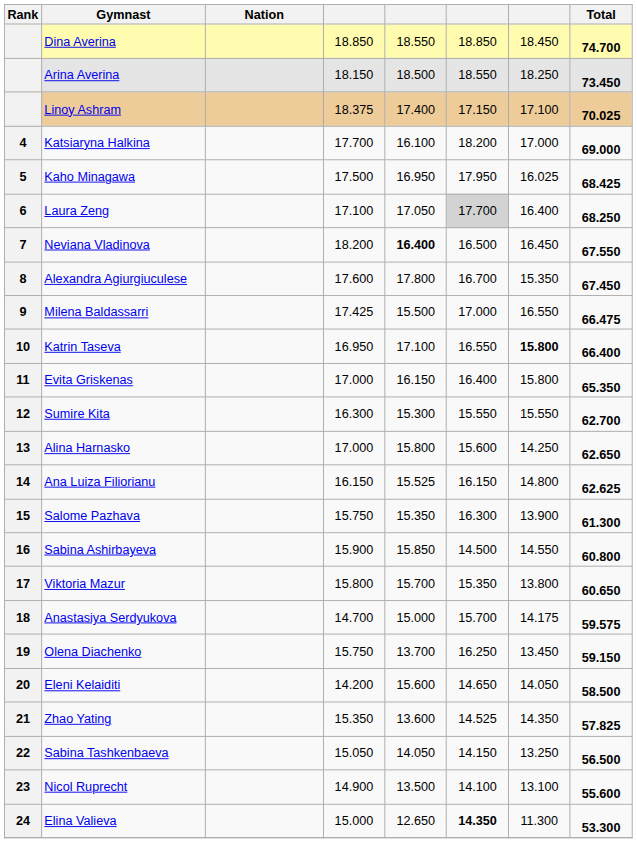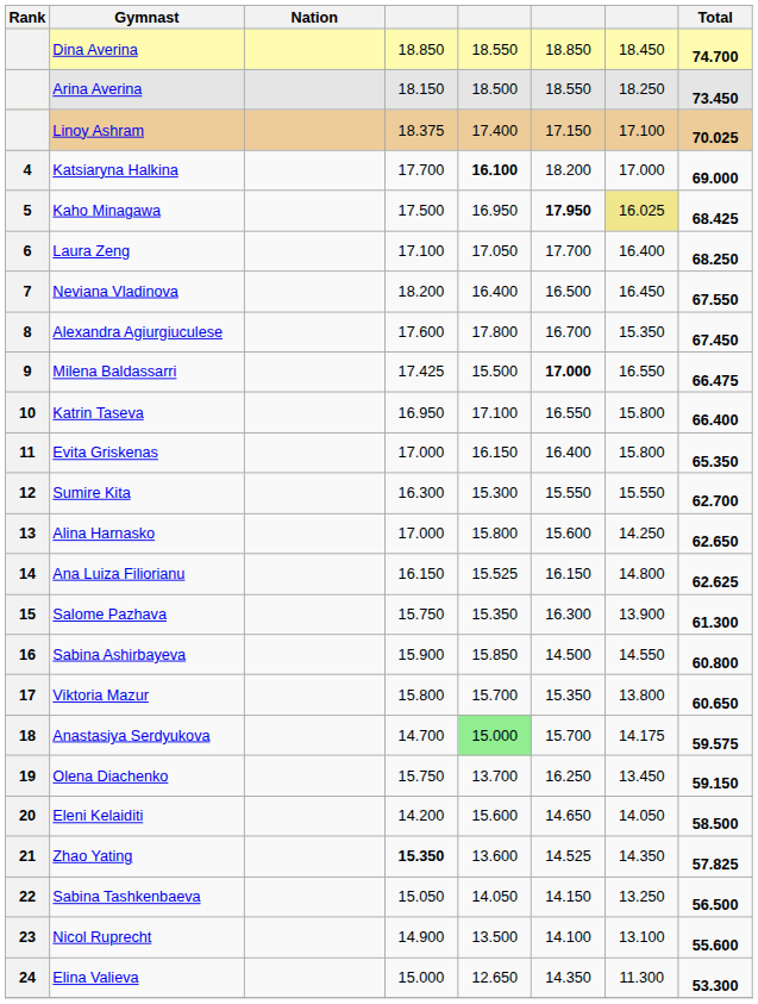 <table class="wikitable sortable" style="text-align:center; font-size:85%">
 <tr>
 <th scope="col" style="width:20px;">Rank</th>
 <th ! scope="col" style="width:170px;">Gymnast</th>
 <th ! scope="col" style="width:120px;">Nation</th>
 <th ! scope="col" style="width:60px;"></th>
 <th ! scope="col" style="width:60px;"></th>
 <th ! scope="col" style="width:60px;"></th>
 <th ! scope="col" style="width:60px;"></th>
 <th ! scope="col" style="width:60px;">Total</th>
 </tr>
 <tr bgcolor=fffcaf>
 <th scope=row></th>
 <td align=left><a href='#'>Dina Averina</a></td>
 <td style="text-align:left;"></td>
 <td>18.850</td>
 <td>18.550</td>
 <td>18.850</td>
 <td>18.450</td>
 <td><br><strong>74.700</strong></td>
 </tr>
 <tr bgcolor=e5e5e5>
 <th scope=row></th>
 <td align=left><a href='#'>Arina Averina</a></td>
 <td style="text-align:left;"></td>
 <td>18.150</td>
 <td>18.500</td>
 <td>18.550</td>
 <td>18.250</td>
 <td><br><strong>73.450</strong></td>
 </tr>
 <tr bgcolor=eecc99>
 <th scope=row></th>
 <td align=left><a href='#'>Linoy Ashram</a></td>
 <td style="text-align:left;"></td>
 <td>18.375</td>
 <td>17.400</td>
 <td>17.150</td>
 <td>17.100</td>
 <td><br><strong>70.025</strong></td>
 </tr>
 <tr>
 <th scope=row>4</th>
 <td align=left><a href='#'>Katsiaryna Halkina</a></td>
 <td style="text-align:left;"></td>
 <td>17.700</td>
-<td>16.100</td>
+<td><strong>16.100</strong></td>
 <td>18.200</td>
 <td>17.000</td>
 <td><br><strong>69.000</strong></td>
 </tr>
 <tr>
 <th scope=row>5</th>
 <td align=left><a href='#'>Kaho Minagawa</a></td>
 <td style="text-align:left;"></td>
 <td>17.500</td>
 <td>16.950</td>
-<td>17.950</td>
-<td>16.025</td>
+<td><strong>17.950</strong></td>
+<td style="background: khaki;">16.025</td>
 <td><br><strong>68.425</strong></td>
 </tr>
 <tr>
 <th scope=row>6</th>
 <td align=left><a href='#'>Laura Zeng</a></td>
 <td style="text-align:left;"></td>
 <td>17.100</td>
 <td>17.050</td>
-<td style="background: lightgrey;">17.700</td>
+<td>17.700</td>
 <td>16.400</td>
 <td><br><strong>68.250</strong></td>
 </tr>
 <tr>
 <th scope=row>7</th>
 <td align=left><a href='#'>Neviana Vladinova</a></td>
 <td style="text-align:left;"></td>
 <td>18.200</td>
-<td><strong>16.400</strong></td>
+<td>16.400</td>
 <td>16.500</td>
 <td>16.450</td>
 <td><br><strong>67.550</strong></td>
 </tr>
 <tr>
 <th scope=row>8</th>
 <td align=left><a href='#'>Alexandra Agiurgiuculese</a></td>
 <td style="text-align:left;"></td>
 <td>17.600</td>
 <td>17.800</td>
 <td>16.700</td>
 <td>15.350</td>
 <td><br><strong>67.450</strong></td>
 </tr>
 <tr>
 <th scope=row>9</th>
 <td align=left><a href='#'>Milena Baldassarri</a></td>
 <td style="text-align:left;"></td>
 <td>17.425</td>
 <td>15.500</td>
-<td>17.000</td>
+<td><strong>17.000</strong></td>
 <td>16.550</td>
 <td><br><strong>66.475</strong></td>
 </tr>
 <tr>
 <th scope=row>10</th>
 <td align=left><a href='#'>Katrin Taseva</a></td>
 <td style="text-align:left;"></td>
 <td>16.950</td>
 <td>17.100</td>
 <td>16.550</td>
-<td><strong>15.800</strong></td>
+<td>15.800</td>
 <td><br><strong>66.400</strong></td>
 </tr>
 <tr>
 <th scope=row>11</th>
 <td align=left><a href='#'>Evita Griskenas</a></td>
 <td style="text-align:left;"></td>
 <td>17.000</td>
 <td>16.150</td>
 <td>16.400</td>
 <td>15.800</td>
 <td><br><strong>65.350</strong></td>
 </tr>
 <tr>
 <th scope=row>12</th>
 <td align=left><a href='#'>Sumire Kita</a></td>
 <td style="text-align:left;"></td>
 <td>16.300</td>
 <td>15.300</td>
 <td>15.550</td>
 <td>15.550</td>
 <td><br><strong>62.700</strong></td>
 </tr>
 <tr>
 <th scope=row>13</th>
 <td align=left><a href='#'>Alina Harnasko</a></td>
 <td style="text-align:left;"></td>
 <td>17.000</td>
 <td>15.800</td>
 <td>15.600</td>
 <td>14.250</td>
 <td><br><strong>62.650</strong></td>
 </tr>
 <tr>
 <th scope=row>14</th>
 <td align=left><a href='#'>Ana Luiza Filiorianu</a></td>
 <td style="text-align:left;"></td>
 <td>16.150</td>
 <td>15.525</td>
 <td>16.150</td>
 <td>14.800</td>
 <td><br><strong>62.625</strong></td>
 </tr>
 <tr>
 <th scope=row>15</th>
 <td align=left><a href='#'>Salome Pazhava</a></td>
 <td style="text-align:left;"></td>
 <td>15.750</td>
 <td>15.350</td>
 <td>16.300</td>
 <td>13.900</td>
 <td><br><strong>61.300</strong></td>
 </tr>
 <tr>
 <th scope=row>16</th>
 <td align=left><a href='#'>Sabina Ashirbayeva</a></td>
 <td style="text-align:left;"></td>
 <td>15.900</td>
 <td>15.850</td>
 <td>14.500</td>
 <td>14.550</td>
 <td><br><strong>60.800</strong></td>
 </tr>
 <tr>
 <th scope=row>17</th>
 <td align=left><a href='#'>Viktoria Mazur</a></td>
 <td style="text-align:left;"></td>
 <td>15.800</td>
 <td>15.700</td>
 <td>15.350</td>
 <td>13.800</td>
 <td><br><strong>60.650</strong></td>
 </tr>
 <tr>
 <th scope=row>18</th>
 <td align=left><a href='#'>Anastasiya Serdyukova</a></td>
 <td style="text-align:left;"></td>
 <td>14.700</td>
-<td>15.000</td>
+<td style="background: lightgreen;">15.000</td>
 <td>15.700</td>
 <td>14.175</td>
 <td><br><strong>59.575</strong></td>
 </tr>
 <tr>
 <th scope=row>19</th>
 <td align=left><a href='#'>Olena Diachenko</a></td>
 <td style="text-align:left;"></td>
 <td>15.750</td>
 <td>13.700</td>
 <td>16.250</td>
 <td>13.450</td>
 <td><br><strong>59.150</strong></td>
 </tr>
 <tr>
 <th scope=row>20</th>
 <td align=left><a href='#'>Eleni Kelaiditi</a></td>
 <td style="text-align:left;"></td>
 <td>14.200</td>
 <td>15.600</td>
 <td>14.650</td>
 <td>14.050</td>
 <td><br><strong>58.500</strong></td>
 </tr>
 <tr>
 <th scope=row>21</th>
 <td align=left><a href='#'>Zhao Yating</a></td>
 <td style="text-align:left;"></td>
-<td>15.350</td>
+<td><strong>15.350</strong></td>
 <td>13.600</td>
 <td>14.525</td>
 <td>14.350</td>
 <td><br><strong>57.825</strong></td>
 </tr>
 <tr>
 <th scope=row>22</th>
 <td align=left><a href='#'>Sabina Tashkenbaeva</a></td>
 <td style="text-align:left;"></td>
 <td>15.050</td>
 <td>14.050</td>
 <td>14.150</td>
 <td>13.250</td>
 <td><br><strong>56.500</strong></td>
 </tr>
 <tr>
 <th scope=row>23</th>
 <td align=left><a href='#'>Nicol Ruprecht</a></td>
 <td style="text-align:left;"></td>
 <td>14.900</td>
 <td>13.500</td>
 <td>14.100</td>
 <td>13.100</td>
 <td><br><strong>55.600</strong></td>
 </tr>
 <tr>
 <th scope=row>24</th>
 <td align=left><a href='#'>Elina Valieva</a></td>
 <td style="text-align:left;"></td>
 <td>15.000</td>
 <td>12.650</td>
-<td><strong>14.350</strong></td>
+<td>14.350</td>
 <td>11.300</td>
 <td><br><strong>53.300</strong></td>
 </tr>
 <tr>
 </tr>
 </table>
